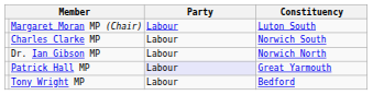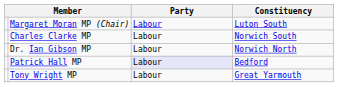 <table class="wikitable">
 <tr>
 <th width="160px" colspan="2">Member</th>
 <th width="160px" colspan="1">Party</th>
 <th width="160px" colspan="2">Constituency</th>
 </tr>
 <tr>
 <td style="color:inherit;background:"></td>
 <td><a href='#'>Margaret Moran</a> MP <em>(Chair)</em></td>
 <td><a href='#'>Labour</a></td>
 <td><a href='#'>Luton South</a></td>
 </tr>
 <tr>
 <td style="color:inherit;background:"></td>
 <td><a href='#'>Charles Clarke</a> MP</td>
 <td>Labour</td>
 <td><a href='#'>Norwich South</a></td>
 </tr>
 <tr>
 <td style="color:inherit;background:"></td>
 <td>Dr. <a href='#'>Ian Gibson</a> MP</td>
 <td>Labour</td>
 <td><a href='#'>Norwich North</a></td>
 </tr>
 <tr>
 <td style="color:inherit;background:"></td>
 <td><a href='#'>Patrick Hall</a> MP</td>
 <td style="background: lavender;">Labour</td>
-<td><a href='#'>Great Yarmouth</a></td>
+<td><a href='#'>Bedford</a></td>
 </tr>
 <tr>
 <td style="color:inherit;background:"></td>
 <td><a href='#'>Tony Wright</a> MP</td>
 <td>Labour</td>
-<td><a href='#'>Bedford</a></td>
+<td><a href='#'>Great Yarmouth</a></td>
 </tr>
 </table>
